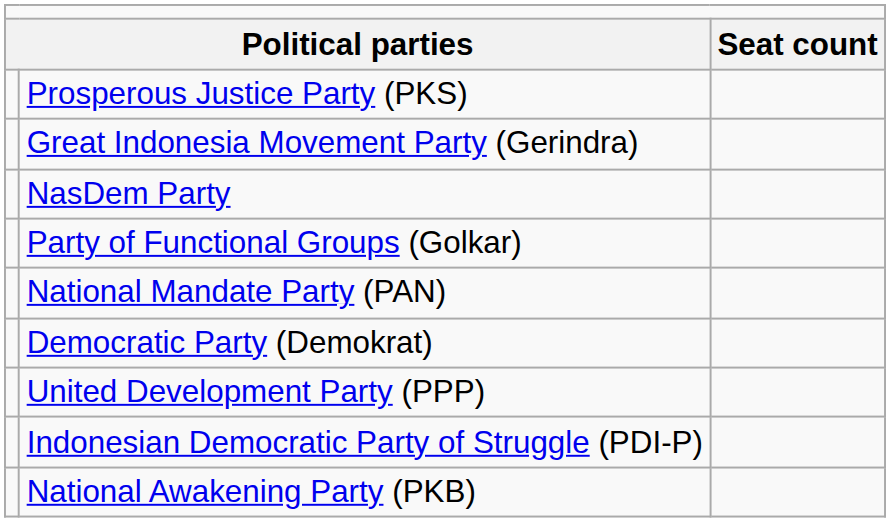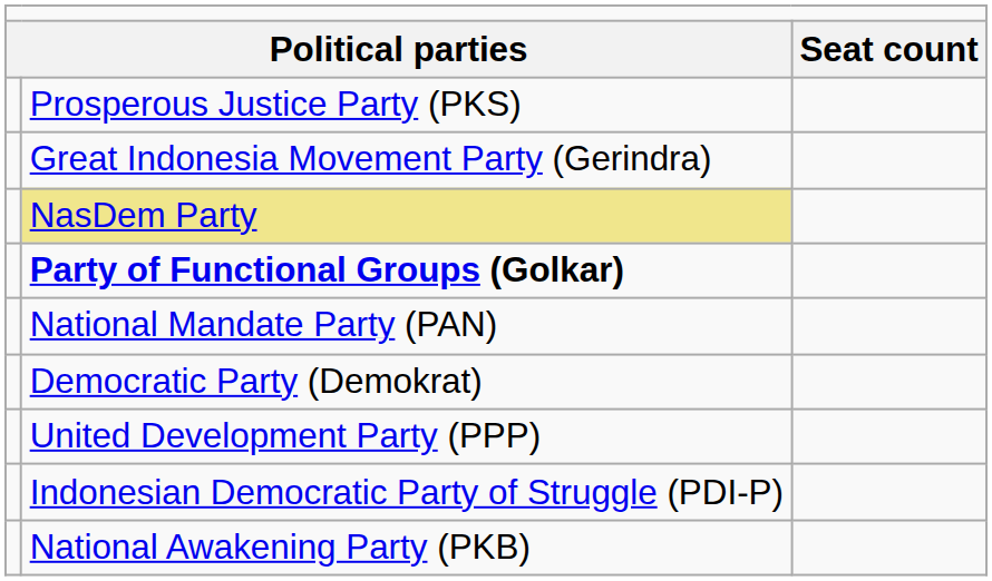 <table class="wikitable">
 <tr>
 <td colspan="4"></td>
 </tr>
 <tr>
 <th colspan="2">Political parties</th>
 <th>Seat count</th>
 </tr>
 <tr>
 <td bgcolor=></td>
 <td><a href='#'>Prosperous Justice Party</a> (PKS)</td>
 <td></td>
 </tr>
 <tr>
 <td bgcolor=></td>
 <td><a href='#'>Great Indonesia Movement Party</a> (Gerindra)</td>
 <td></td>
 </tr>
 <tr>
 <td bgcolor=></td>
-<td><a href='#'>NasDem Party</a></td>
+<td style="background: khaki;"><a href='#'>NasDem Party</a></td>
 <td></td>
 </tr>
 <tr>
 <td bgcolor=></td>
-<td><a href='#'>Party of Functional Groups</a> (Golkar)</td>
+<td><strong><a href='#'>Party of Functional Groups</a> (Golkar)</strong></td>
 <td></td>
 </tr>
 <tr>
 <td bgcolor=></td>
 <td><a href='#'>National Mandate Party</a> (PAN)</td>
 <td></td>
 </tr>
 <tr>
 <td bgcolor=></td>
 <td><a href='#'>Democratic Party</a> (Demokrat)</td>
 <td></td>
 </tr>
 <tr>
 <td bgcolor=></td>
 <td><a href='#'>United Development Party</a> (PPP)</td>
 <td></td>
 </tr>
 <tr>
 <td bgcolor=></td>
 <td><a href='#'>Indonesian Democratic Party of Struggle</a> (PDI-P)</td>
 <td></td>
 </tr>
 <tr>
 <td bgcolor=></td>
 <td><a href='#'>National Awakening Party</a> (PKB)</td>
 <td></td>
 </tr>
 </table>
